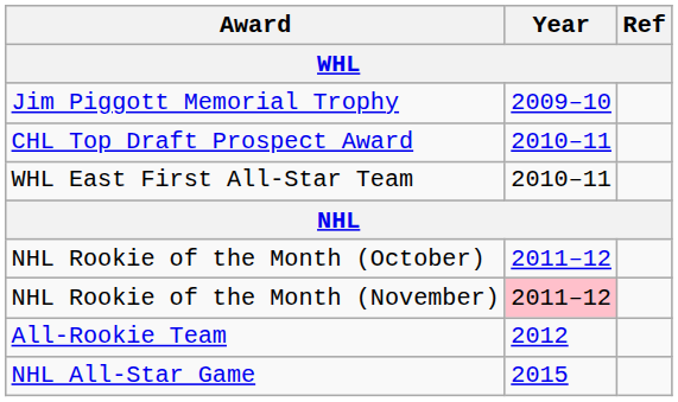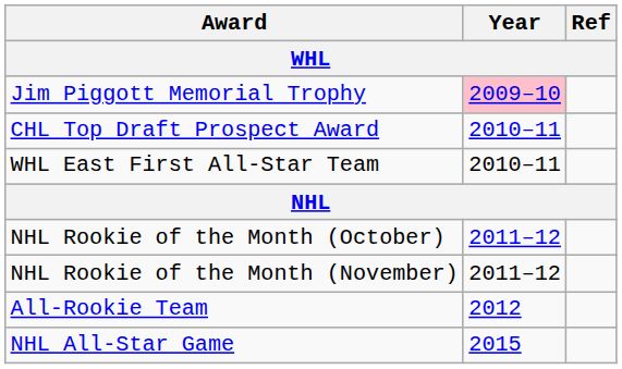 <table class="wikitable">
 <tr>
 <th>Award</th>
 <th>Year</th>
 <th>Ref</th>
 </tr>
 <tr>
 <th colspan="3"><a href='#'>WHL</a></th>
 </tr>
 <tr>
 <td><a href='#'>Jim Piggott Memorial Trophy</a></td>
-<td><a href='#'>2009–10</a></td>
+<td style="background: pink;"><a href='#'>2009–10</a></td>
 <td></td>
 </tr>
 <tr>
 <td><a href='#'>CHL Top Draft Prospect Award</a></td>
 <td><a href='#'>2010–11</a></td>
 <td></td>
 </tr>
 <tr>
 <td>WHL East First All-Star Team</td>
 <td>2010–11</td>
 <td></td>
 </tr>
 <tr>
 <th colspan="3"><a href='#'>NHL</a></th>
 </tr>
 <tr>
 <td>NHL Rookie of the Month (October)</td>
 <td><a href='#'>2011–12</a></td>
 <td></td>
 </tr>
 <tr>
 <td>NHL Rookie of the Month (November)</td>
-<td style="background: pink;">2011–12</td>
+<td>2011–12</td>
 <td></td>
 </tr>
 <tr>
 <td><a href='#'>All-Rookie Team</a></td>
 <td><a href='#'>2012</a></td>
 <td></td>
 </tr>
 <tr>
 <td><a href='#'>NHL All-Star Game</a></td>
 <td><a href='#'>2015</a></td>
 <td></td>
 </tr>
 </table>
